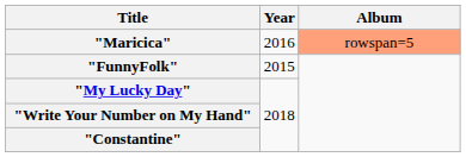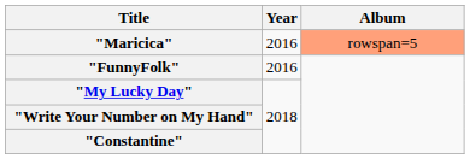 <table class="wikitable plainrowheaders" style="text-align:center;">
 <tr>
 <th scope="col" style="width:16em;">Title</th>
 <th scope="col" style="width:1em;">Year</th>
 <th scope="col" style="width:10em;">Album</th>
 </tr>
 <tr>
 <th scope="row">"Maricica"</th>
 <td>2016</td>
 <td style="background: lightsalmon;">rowspan=5 </td>
 </tr>
 <tr>
 <th scope="row">"FunnyFolk"</th>
-<td>2015</td>
+<td>2016</td>
 </tr>
 <tr>
 <th scope="row">"<a href='#'>My Lucky Day</a>"</th>
 <td rowspan="3">2018</td>
 </tr>
 <tr>
 <th scope="row">"Write Your Number on My Hand"</th>
 </tr>
 <tr>
 <th scope="row">"Constantine"</th>
 </tr>
 </table>
